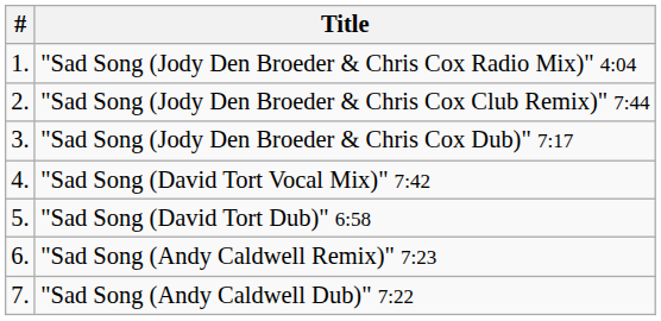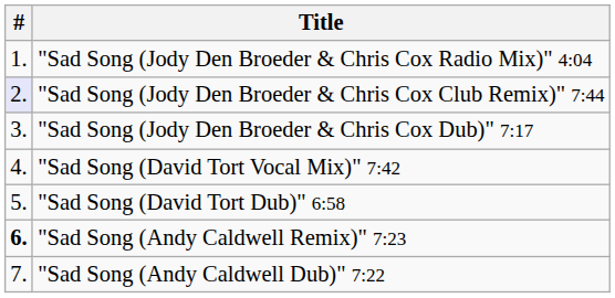 <table class="wikitable">
 <tr>
 <th>#</th>
 <th>Title</th>
 </tr>
 <tr>
 <td>1.</td>
 <td>"Sad Song (Jody Den Broeder & Chris Cox Radio Mix)" <small>4:04</small></td>
 </tr>
 <tr>
-<td>2.</td>
+<td style="background: lavender;">2.</td>
 <td>"Sad Song (Jody Den Broeder & Chris Cox Club Remix)" <small>7:44</small></td>
 </tr>
 <tr>
 <td>3.</td>
 <td>"Sad Song (Jody Den Broeder & Chris Cox Dub)" <small>7:17</small></td>
 </tr>
 <tr>
 <td>4.</td>
 <td>"Sad Song (David Tort Vocal Mix)" <small>7:42</small></td>
 </tr>
 <tr>
 <td>5.</td>
 <td>"Sad Song (David Tort Dub)" <small>6:58</small></td>
 </tr>
 <tr>
-<td>6.</td>
+<td><strong>6.</strong></td>
 <td>"Sad Song (Andy Caldwell Remix)" <small>7:23</small></td>
 </tr>
 <tr>
 <td>7.</td>
 <td>"Sad Song (Andy Caldwell Dub)" <small>7:22</small></td>
 </tr>
 </table>
